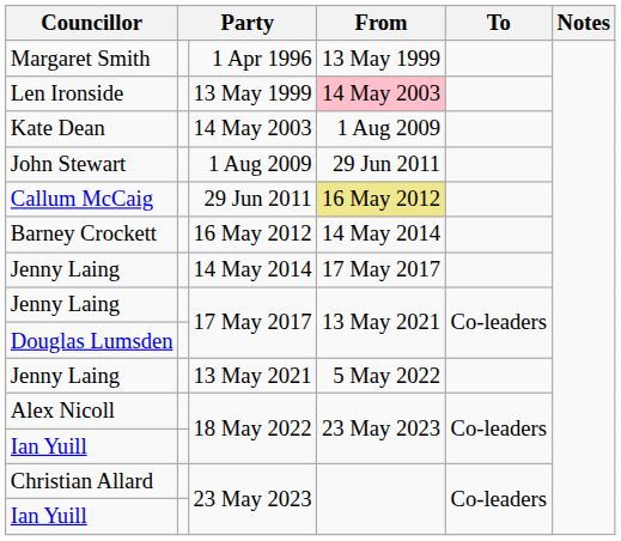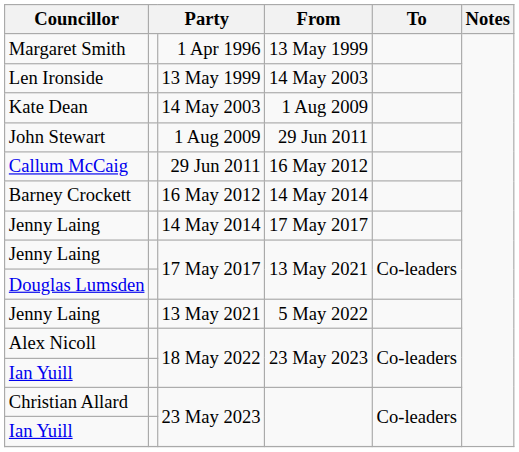 <table class=wikitable>
 <tr>
 <th>Councillor</th>
 <th colspan=2>Party</th>
 <th>From</th>
 <th>To</th>
 <th>Notes</th>
 </tr>
 <tr>
 <td>Margaret Smith</td>
 <td></td>
 <td align=right>1 Apr 1996</td>
 <td align=right>13 May 1999</td>
 <td></td>
 </tr>
 <tr>
 <td>Len Ironside</td>
 <td></td>
 <td align=right>13 May 1999</td>
-<td align=right style="background: pink;">14 May 2003</td>
+<td align=right>14 May 2003</td>
 <td></td>
 </tr>
 <tr>
 <td>Kate Dean</td>
 <td></td>
 <td align=right>14 May 2003</td>
 <td align=right>1 Aug 2009</td>
 <td></td>
 </tr>
 <tr>
 <td>John Stewart</td>
 <td></td>
 <td align=right>1 Aug 2009</td>
 <td align=right>29 Jun 2011</td>
 <td></td>
 </tr>
 <tr>
 <td><a href='#'>Callum McCaig</a></td>
 <td></td>
 <td align=right>29 Jun 2011</td>
-<td align=right style="background: khaki;">16 May 2012</td>
+<td align=right>16 May 2012</td>
 <td></td>
 </tr>
 <tr>
 <td>Barney Crockett</td>
 <td></td>
 <td align=right>16 May 2012</td>
 <td align=right>14 May 2014</td>
 <td></td>
 </tr>
 <tr>
 <td>Jenny Laing</td>
 <td></td>
 <td align=right>14 May 2014</td>
 <td align=right>17 May 2017</td>
 <td></td>
 </tr>
 <tr>
 <td>Jenny Laing</td>
 <td></td>
 <td rowspan=2 align=right>17 May 2017</td>
 <td rowspan=2 align=right>13 May 2021</td>
 <td rowspan=2 align=left>Co-leaders</td>
 </tr>
 <tr>
 <td><a href='#'>Douglas Lumsden</a></td>
 <td></td>
 </tr>
 <tr>
 <td>Jenny Laing</td>
 <td></td>
 <td align=right>13 May 2021</td>
 <td align=right>5 May 2022</td>
 <td></td>
 </tr>
 <tr>
 <td>Alex Nicoll</td>
 <td></td>
 <td rowspan=2 align=right>18 May 2022</td>
 <td rowspan=2 align=right>23 May 2023</td>
 <td rowspan=2 align=left>Co-leaders</td>
 </tr>
 <tr>
 <td><a href='#'>Ian Yuill</a></td>
 <td></td>
 </tr>
 <tr>
 <td>Christian Allard</td>
 <td></td>
 <td rowspan=2 align=right>23 May 2023</td>
 <td rowspan=2 align=right></td>
 <td rowspan=2 align=left>Co-leaders</td>
 </tr>
 <tr>
 <td><a href='#'>Ian Yuill</a></td>
 <td></td>
 </tr>
 <tr>
 </tr>
 </table>
